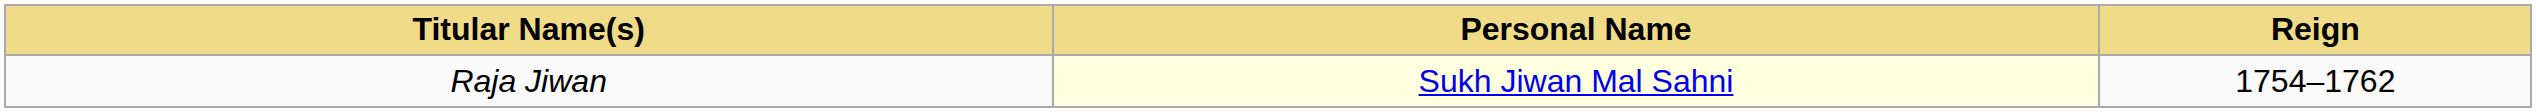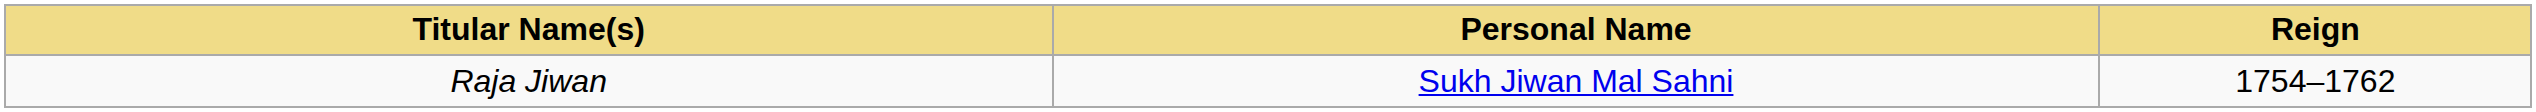 <table style="width:100%;" class="wikitable">
 <tr>
 <th style="background:#f0dc88; width:17%;">Titular Name(s)</th>
 <th style="background:#f0dc88; width:17%;">Personal Name</th>
 <th style="background:#f0dc88; width:7%;">Reign</th>
 </tr>
 <tr>
 <td style="text-align:center;"><em>Raja Jiwan</em></td>
-<td style="background: lightyellow; text-align:center;"><a href='#'>Sukh Jiwan Mal Sahni</a></td>
+<td style="text-align:center;"><a href='#'>Sukh Jiwan Mal Sahni</a></td>
 <td style="text-align:center;">1754–1762</td>
 </tr>
 <tr>
 </tr>
 </table>
